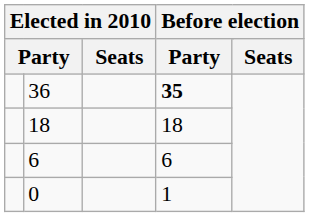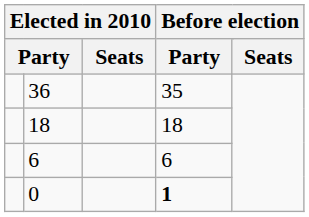 <table class="wikitable">
 <tr>
 <th colspan=3>Elected in 2010</th>
 <th colspan=3>Before election</th>
 </tr>
 <tr>
 <th colspan=2>Party</th>
 <th>Seats</th>
 <th colspan=2>Party</th>
 <th>Seats</th>
 </tr>
 <tr>
 <td></td>
 <td>36</td>
 <td></td>
-<td><strong>35</strong></td>
+<td>35</td>
 </tr>
 <tr>
 <td></td>
 <td>18</td>
 <td></td>
 <td>18</td>
 </tr>
 <tr>
 <td></td>
 <td>6</td>
 <td></td>
 <td>6</td>
 </tr>
 <tr>
 <td></td>
 <td>0</td>
 <td></td>
-<td>1</td>
+<td><strong>1</strong></td>
 </tr>
 </table>
